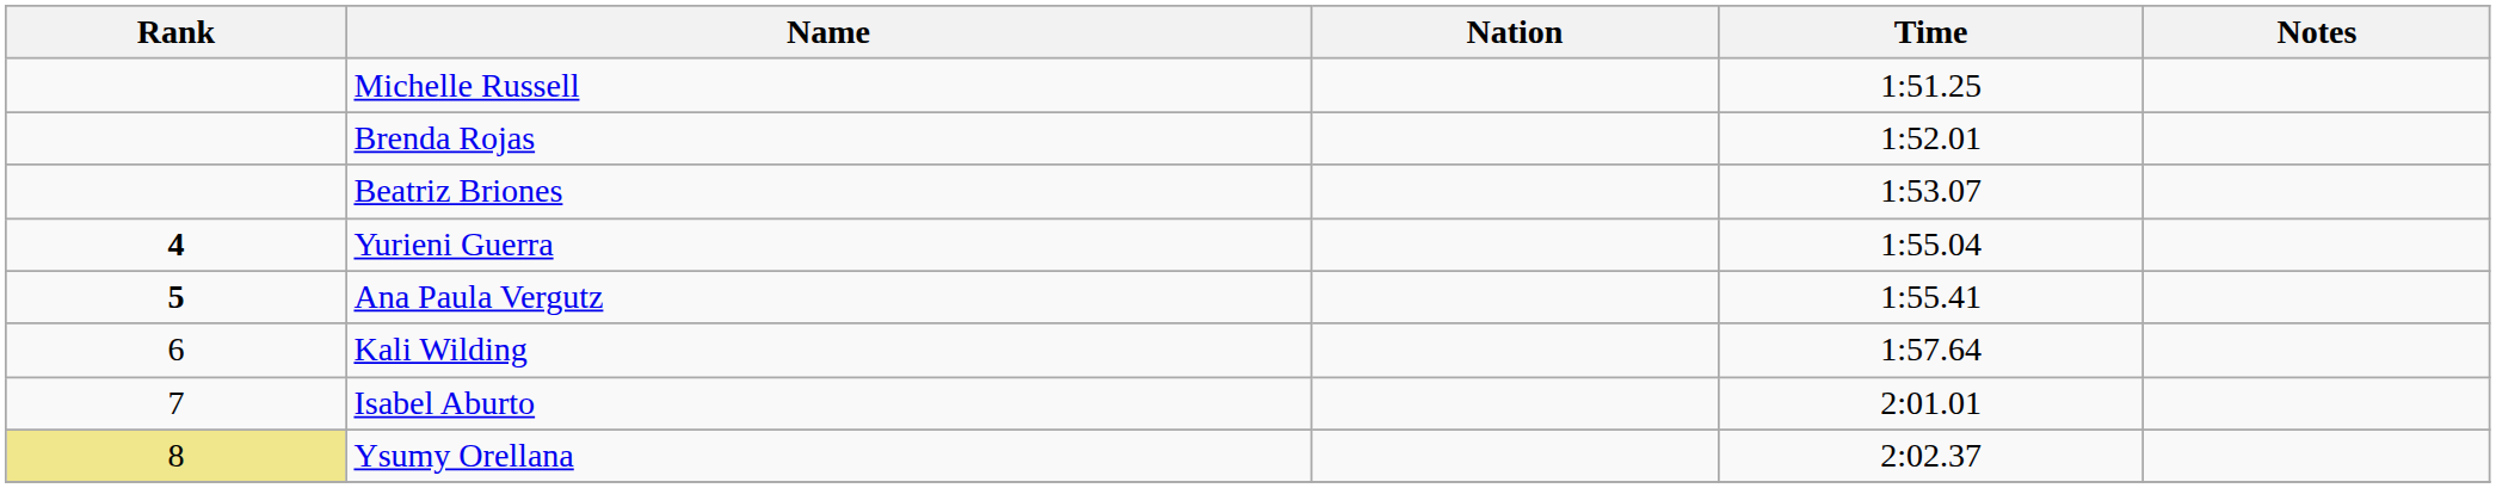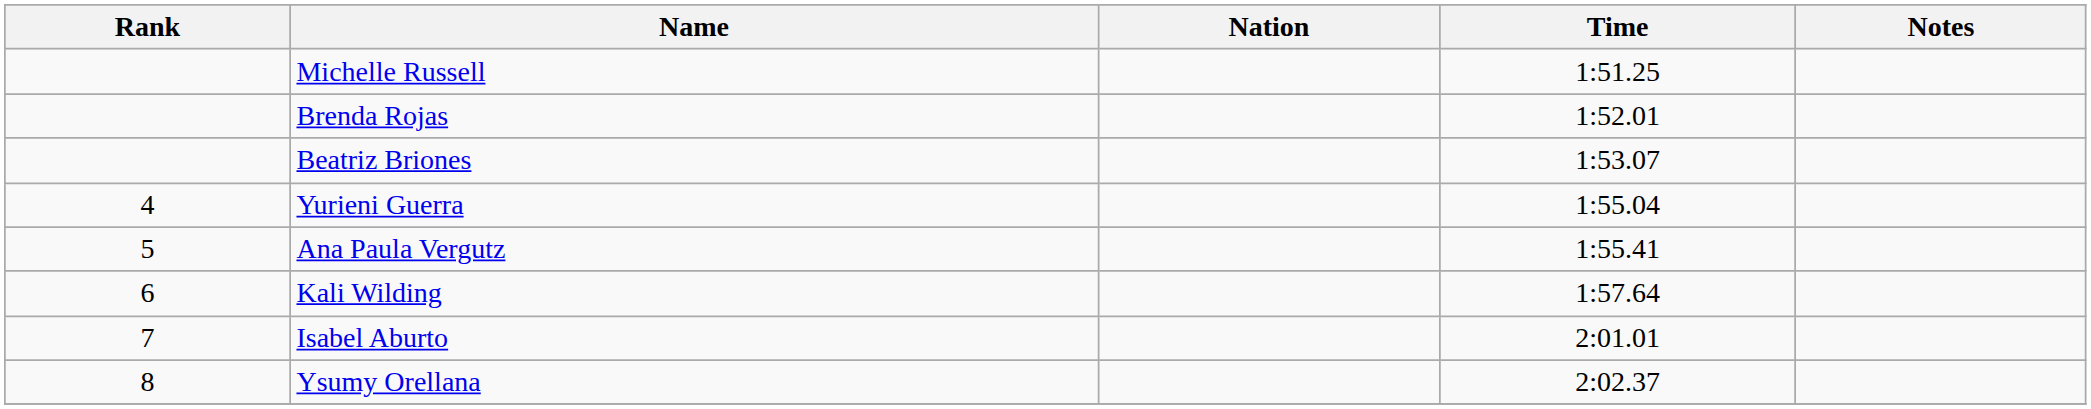 <table class="wikitable sortable" style="text-align:center" width=60%>
 <tr>
 <th>Rank</th>
 <th>Name</th>
 <th>Nation</th>
 <th>Time</th>
 <th>Notes</th>
 </tr>
 <tr>
 <td></td>
 <td align=left><a href='#'>Michelle Russell</a></td>
 <td align=left></td>
 <td>1:51.25</td>
 <td></td>
 </tr>
 <tr>
 <td></td>
 <td align=left><a href='#'>Brenda Rojas</a></td>
 <td align=left></td>
 <td>1:52.01</td>
 <td></td>
 </tr>
 <tr>
 <td></td>
 <td align=left><a href='#'>Beatriz Briones</a></td>
 <td align=left></td>
 <td>1:53.07</td>
 <td></td>
 </tr>
 <tr>
-<td><strong>4</strong></td>
+<td>4</td>
 <td align=left><a href='#'>Yurieni Guerra</a></td>
 <td align=left></td>
 <td>1:55.04</td>
 <td></td>
 </tr>
 <tr>
-<td><strong>5</strong></td>
+<td>5</td>
 <td align=left><a href='#'>Ana Paula Vergutz</a></td>
 <td align=left></td>
 <td>1:55.41</td>
 <td></td>
 </tr>
 <tr>
 <td>6</td>
 <td align=left><a href='#'>Kali Wilding</a></td>
 <td align=left></td>
 <td>1:57.64</td>
 <td></td>
 </tr>
 <tr>
 <td>7</td>
 <td align=left><a href='#'>Isabel Aburto</a></td>
 <td align=left></td>
 <td>2:01.01</td>
 <td></td>
 </tr>
 <tr>
-<td style="background: khaki;">8</td>
+<td>8</td>
 <td align=left><a href='#'>Ysumy Orellana</a></td>
 <td align=left></td>
 <td>2:02.37</td>
 <td></td>
 </tr>
 <tr>
 </tr>
 </table>
